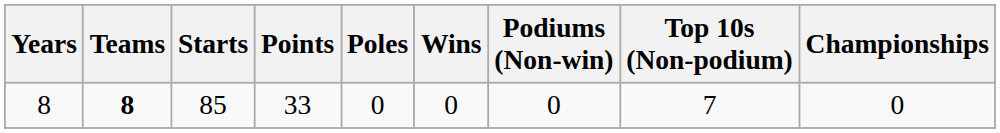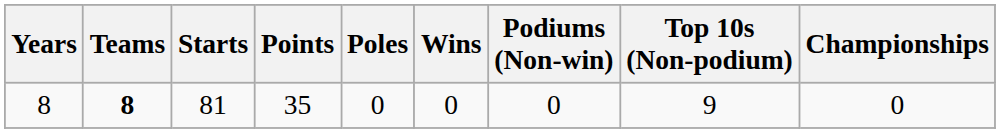 <table class="wikitable" style="text-align:center; font-size:95%">
 <tr>
 <th>Years</th>
 <th>Teams</th>
 <th>Starts</th>
 <th>Points</th>
 <th>Poles</th>
 <th>Wins</th>
 <th>Podiums<br>(Non-win)</th>
 <th>Top 10s<br>(Non-podium)</th>
 <th>Championships</th>
 </tr>
 <tr>
 <td>8</td>
 <td><strong>8</strong></td>
-<td>85</td>
-<td>33</td>
+<td>81</td>
+<td>35</td>
 <td>0</td>
 <td>0</td>
 <td>0</td>
-<td>7</td>
+<td>9</td>
 <td>0</td>
 </tr>
 </table>
